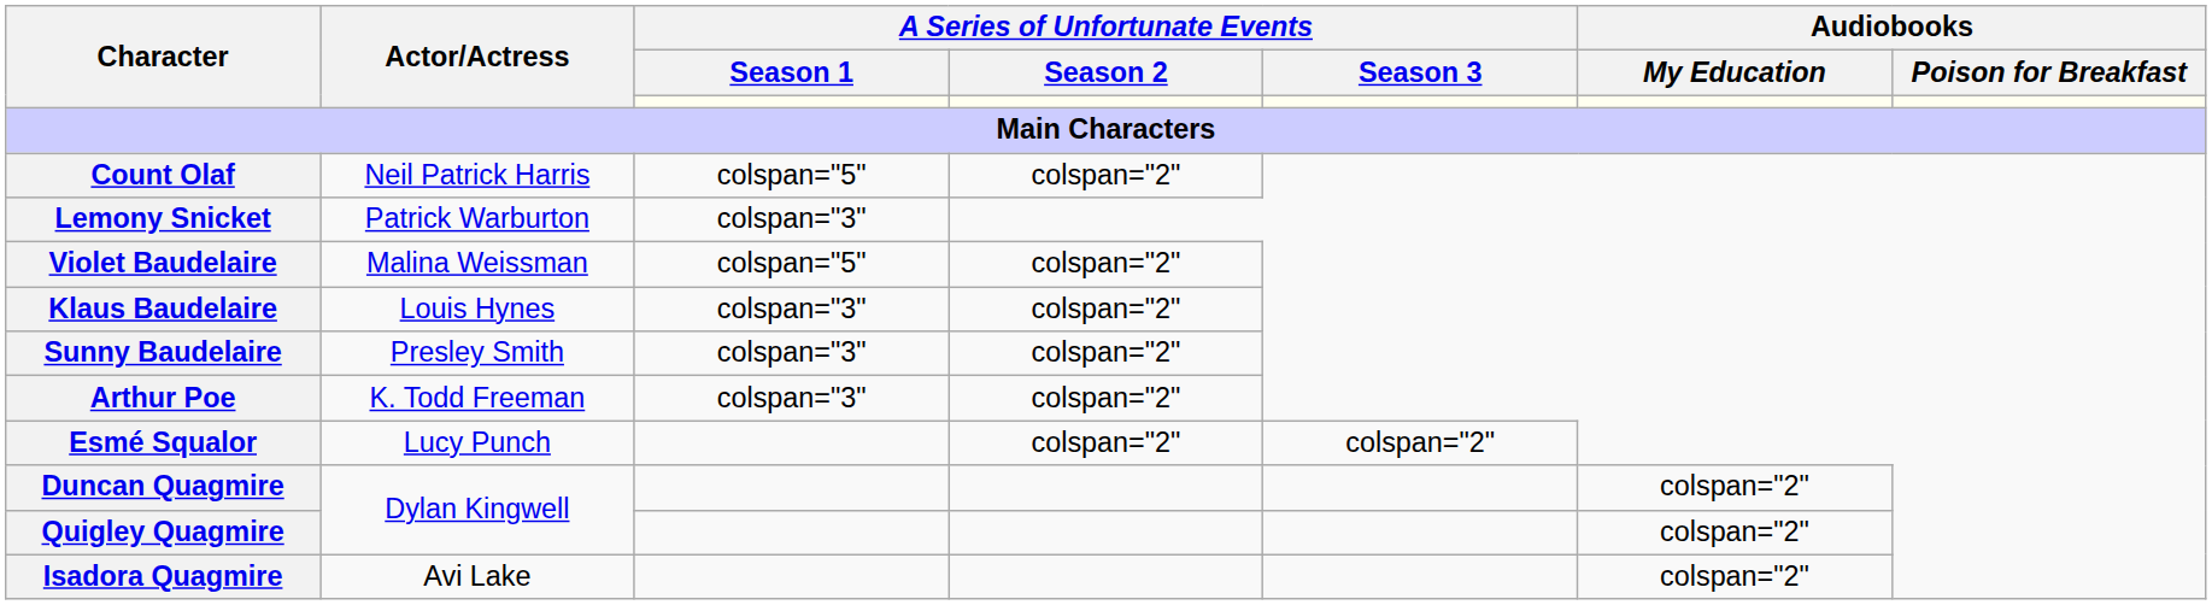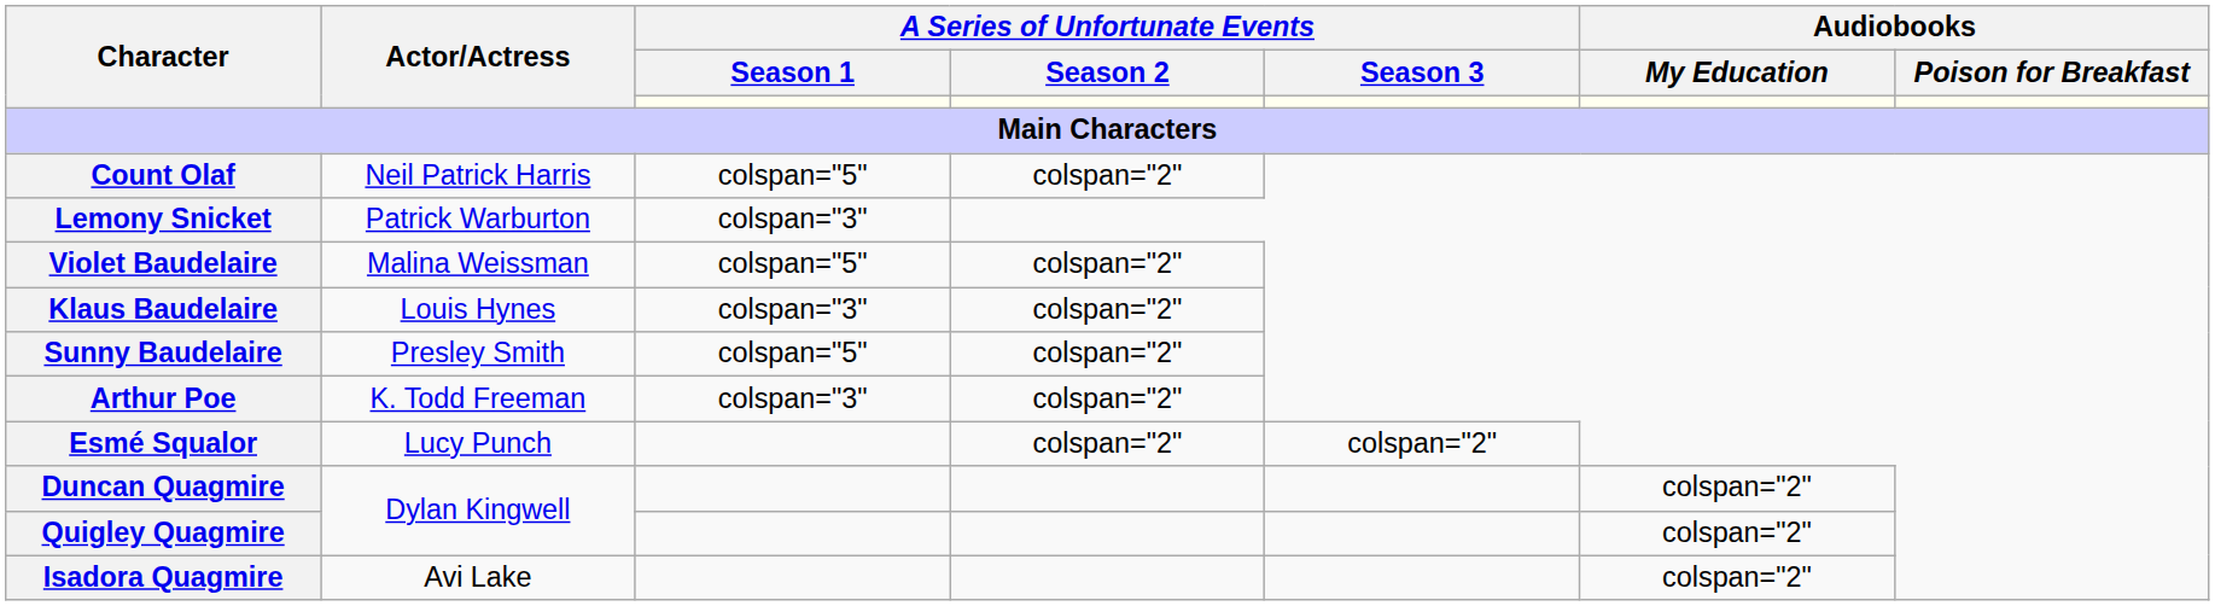 <table class="wikitable" style="text-align:center; width:99%">
 <tr>
 <th rowspan="3" align="center" width="14%">Character</th>
 <th rowspan="3" align="center" width="14%">Actor/Actress</th>
 <th colspan="3" align="center"><em><a href='#'>A Series of Unfortunate Events</a></em></th>
 <th colspan="3" align="center">Audiobooks</th>
 </tr>
 <tr>
 <th align="center" width="14%"><a href='#'>Season 1</a></th>
 <th align="center" width="14%"><a href='#'>Season 2</a></th>
 <th align="center" width="14%"><a href='#'>Season 3</a></th>
 <th align="center" width="14%"><em>My Education</em></th>
 <th align="center" width="14%"><em>Poison for Breakfast</em></th>
 </tr>
 <tr>
 <td style="background:ivory;"></td>
 <td style="background:ivory;"></td>
 <td style="background:ivory;"></td>
 <td style="background:ivory;"></td>
 <td style="background:ivory;"></td>
 </tr>
 <tr>
 <td colspan="7" style="background-color:#ccf;"><strong> Main Characters </strong></td>
 </tr>
 <tr>
 <th><a href='#'>Count Olaf</a></th>
 <td><a href='#'>Neil Patrick Harris</a></td>
 <td>colspan="5" </td>
 <td>colspan="2" </td>
 </tr>
 <tr>
 <th><a href='#'>Lemony Snicket</a></th>
 <td><a href='#'>Patrick Warburton</a></td>
 <td>colspan="3" </td>
 </tr>
 <tr>
 <th><a href='#'>Violet Baudelaire</a></th>
 <td><a href='#'>Malina Weissman</a></td>
 <td>colspan="5" </td>
 <td>colspan="2" </td>
 </tr>
 <tr>
 <th><a href='#'>Klaus Baudelaire</a></th>
 <td><a href='#'>Louis Hynes</a></td>
 <td>colspan="3" </td>
 <td>colspan="2" </td>
 </tr>
 <tr>
 <th><a href='#'>Sunny Baudelaire</a></th>
 <td><a href='#'>Presley Smith</a></td>
-<td>colspan="3" </td>
+<td>colspan="5" </td>
 <td>colspan="2" </td>
 </tr>
 <tr>
 <th><a href='#'>Arthur Poe</a></th>
 <td><a href='#'>K. Todd Freeman</a></td>
 <td>colspan="3" </td>
 <td>colspan="2" </td>
 </tr>
 <tr>
 <th><a href='#'>Esmé Squalor</a></th>
 <td><a href='#'>Lucy Punch</a></td>
 <td></td>
 <td>colspan="2" </td>
 <td>colspan="2" </td>
 </tr>
 <tr>
 <th><a href='#'>Duncan Quagmire</a></th>
 <td rowspan="2"><a href='#'>Dylan Kingwell</a></td>
 <td></td>
 <td></td>
 <td></td>
 <td>colspan="2" </td>
 </tr>
 <tr>
 <th><a href='#'>Quigley Quagmire</a></th>
 <td></td>
 <td></td>
 <td></td>
 <td>colspan="2" </td>
 </tr>
 <tr>
 <th><a href='#'>Isadora Quagmire</a></th>
 <td>Avi Lake</td>
 <td></td>
 <td></td>
 <td></td>
 <td>colspan="2" </td>
 </tr>
 </table>
